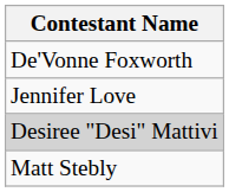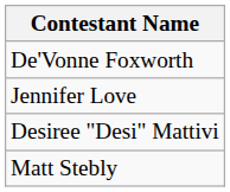 <table class="wikitable sortable">
 <tr>
 <th>Contestant Name</th>
 </tr>
 <tr>
 <td>De'Vonne Foxworth</td>
 </tr>
 <tr>
 <td>Jennifer Love</td>
 </tr>
 <tr>
-<td style="background: lightgrey;">Desiree "Desi" Mattivi</td>
+<td>Desiree "Desi" Mattivi</td>
 </tr>
 <tr>
 <td>Matt Stebly</td>
 </tr>
 </table>
